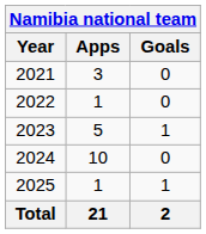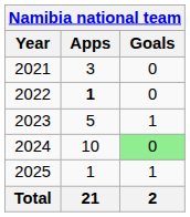 <table class="wikitable" style="text-align:center">
 <tr>
 <th colspan=3><a href='#'>Namibia national team</a></th>
 </tr>
 <tr>
 <th>Year</th>
 <th>Apps</th>
 <th>Goals</th>
 </tr>
 <tr>
 <td>2021</td>
 <td>3</td>
 <td>0</td>
 </tr>
 <tr>
 <td>2022</td>
-<td>1</td>
+<td><strong>1</strong></td>
 <td>0</td>
 </tr>
 <tr>
 <td>2023</td>
 <td>5</td>
 <td>1</td>
 </tr>
 <tr>
 <td>2024</td>
 <td>10</td>
-<td>0</td>
+<td style="background: lightgreen;">0</td>
 </tr>
 <tr>
 <td>2025</td>
 <td>1</td>
 <td>1</td>
 </tr>
 <tr>
 <th>Total</th>
 <th>21</th>
 <th>2</th>
 </tr>
 </table>
